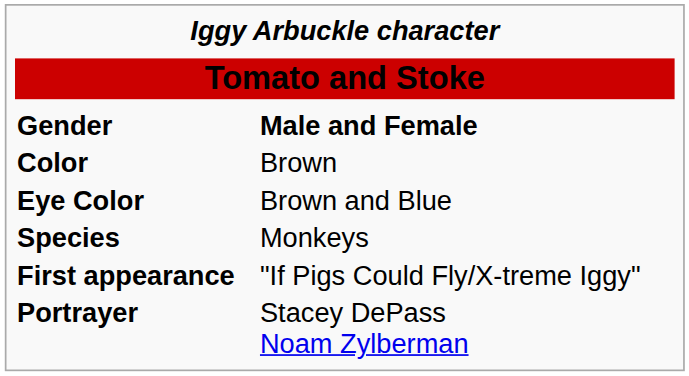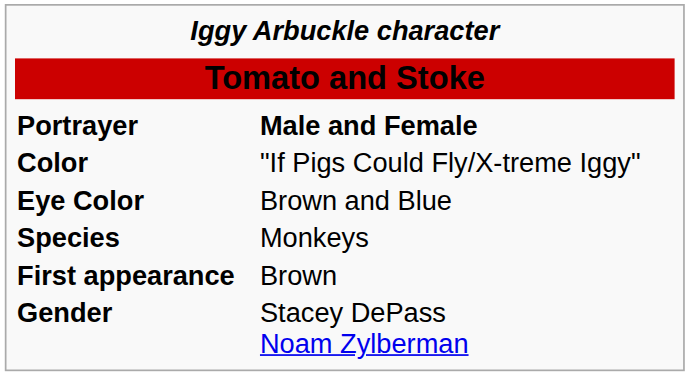 <table class="infobox" style="width: 25em;">
 <tr>
 <td colspan="2" style="text-align:center;"><strong><em>Iggy Arbuckle character</em></strong></td>
 </tr>
 <tr>
 <td colspan="2" style="text-align:center;"></td>
 </tr>
 <tr>
 <th colspan="2" style="font-size: larger; background-color:#c00; color:#000;"><strong>Tomato and Stoke</strong></th>
 </tr>
 <tr>
 <td colspan="2"></td>
 </tr>
 <tr>
-<td><strong>Gender</strong></td>
+<td><strong>Portrayer</strong></td>
 <td><strong>Male and Female</strong></td>
 </tr>
 <tr>
 <td><strong>Color</strong></td>
-<td>Brown</td>
+<td>"If Pigs Could Fly/X-treme Iggy"</td>
 </tr>
 <tr>
 <td><strong>Eye Color</strong></td>
 <td>Brown and Blue</td>
 </tr>
 <tr>
 <td><strong>Species</strong></td>
 <td>Monkeys</td>
 </tr>
 <tr>
 <td><strong>First appearance</strong></td>
-<td>"If Pigs Could Fly/X-treme Iggy"</td>
+<td>Brown</td>
 </tr>
 <tr>
-<td><strong>Portrayer</strong></td>
+<td><strong>Gender</strong></td>
 <td>Stacey DePass<br><a href='#'>Noam Zylberman</a></td>
 </tr>
 </table>
